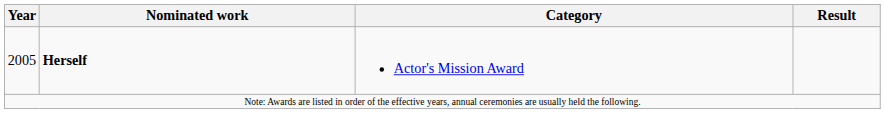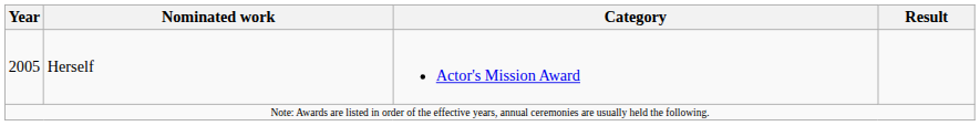 <table class="wikitable">
 <tr>
 <th width="4%">Year</th>
 <th width="36%">Nominated work</th>
 <th width="50%">Category</th>
 <th width="10%">Result</th>
 </tr>
 <tr>
 <td>2005</td>
-<td><strong>Herself</strong></td>
+<td>Herself</td>
 <td><br><ul><li><a href='#'>Actor's Mission Award</a></li></ul></td>
 <td></td>
 </tr>
 <tr>
 <td colspan="4" width="100%" style="font-size:8pt" align="center">Note: Awards are listed in order of the effective years, annual ceremonies are usually held the following.</td>
 </tr>
 </table>
